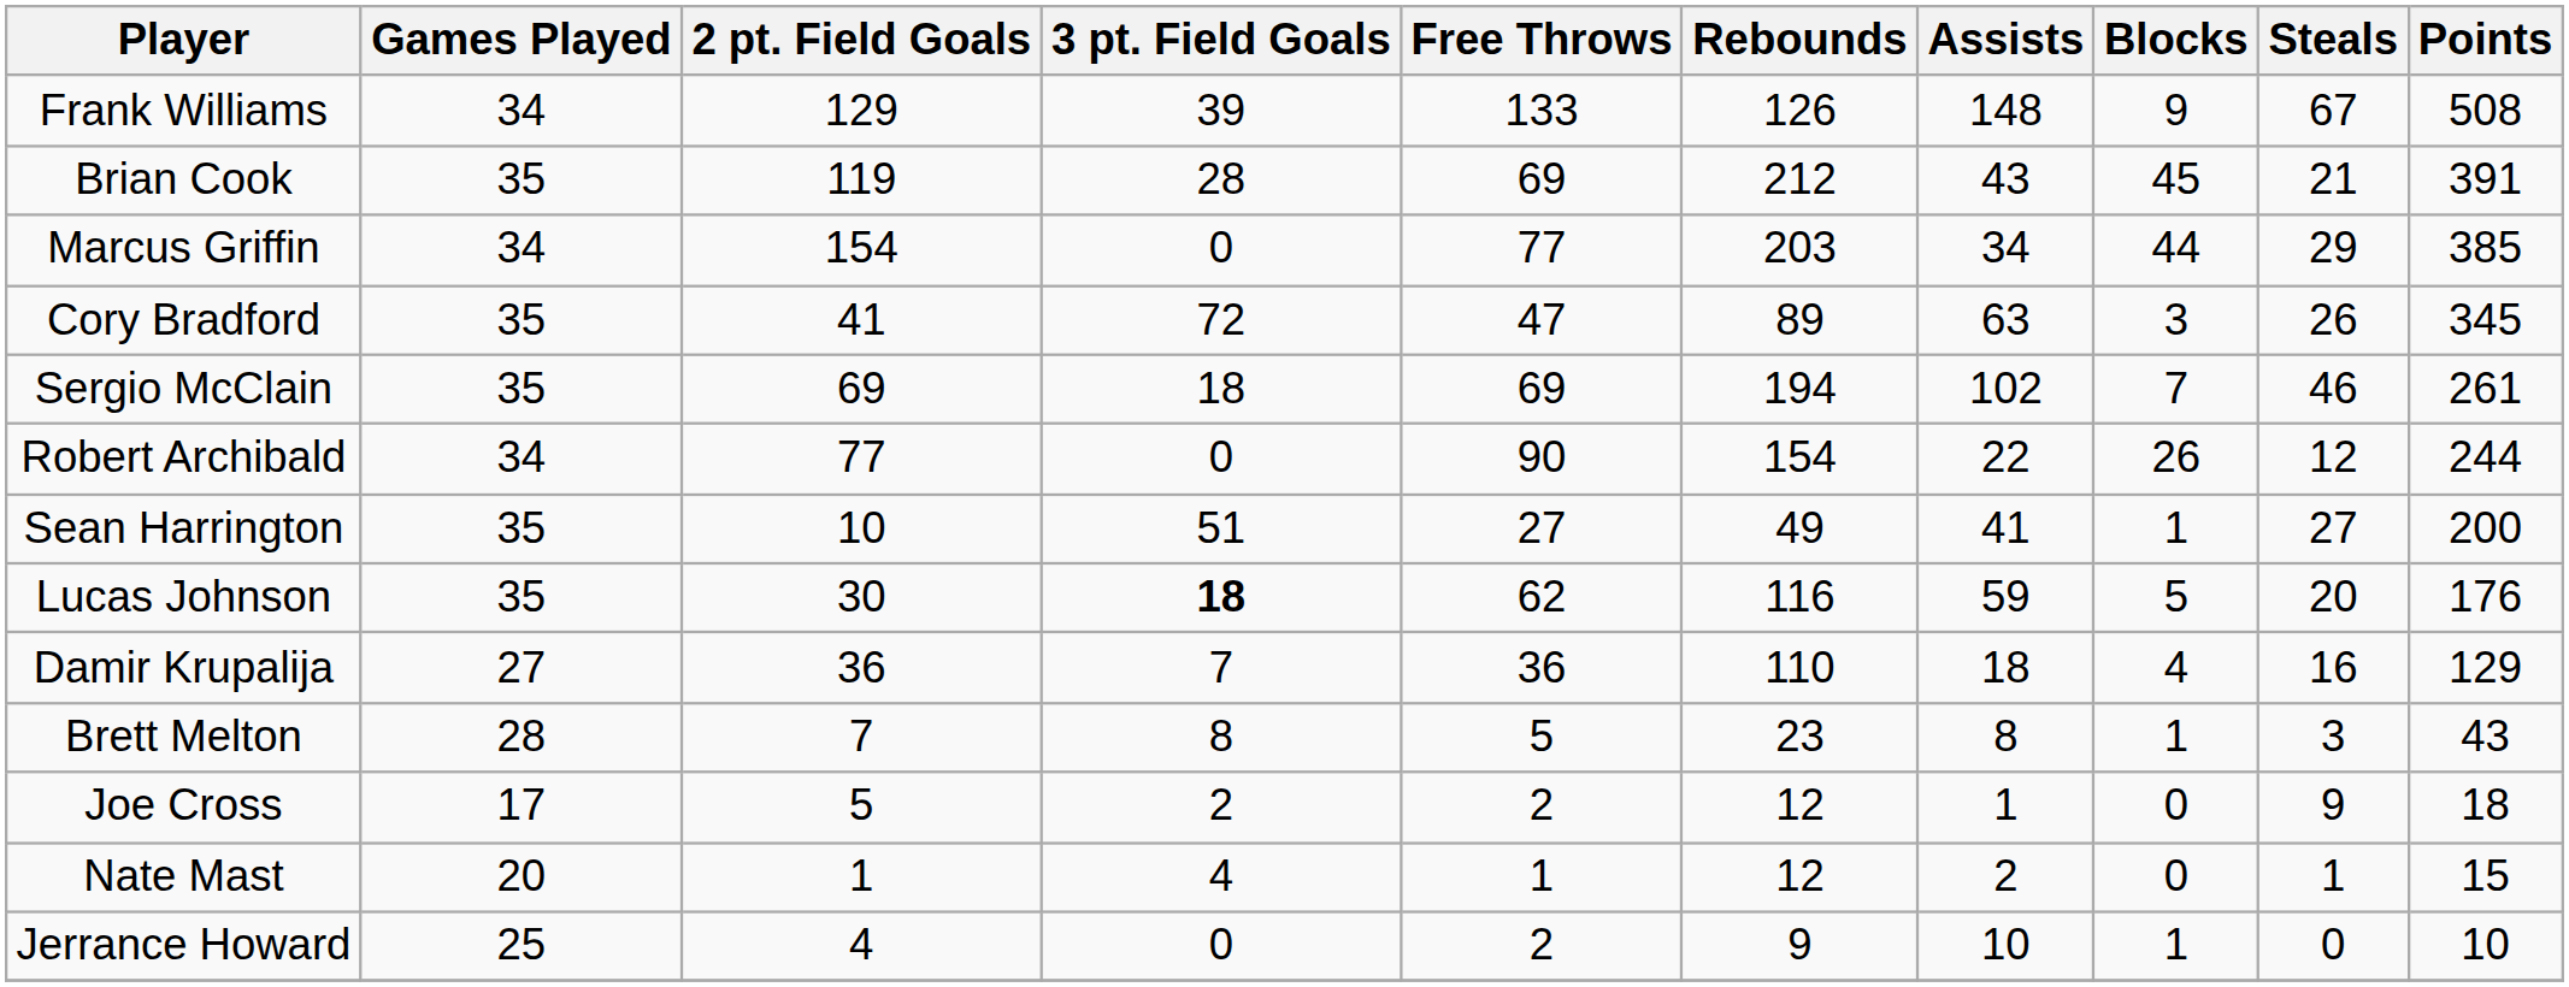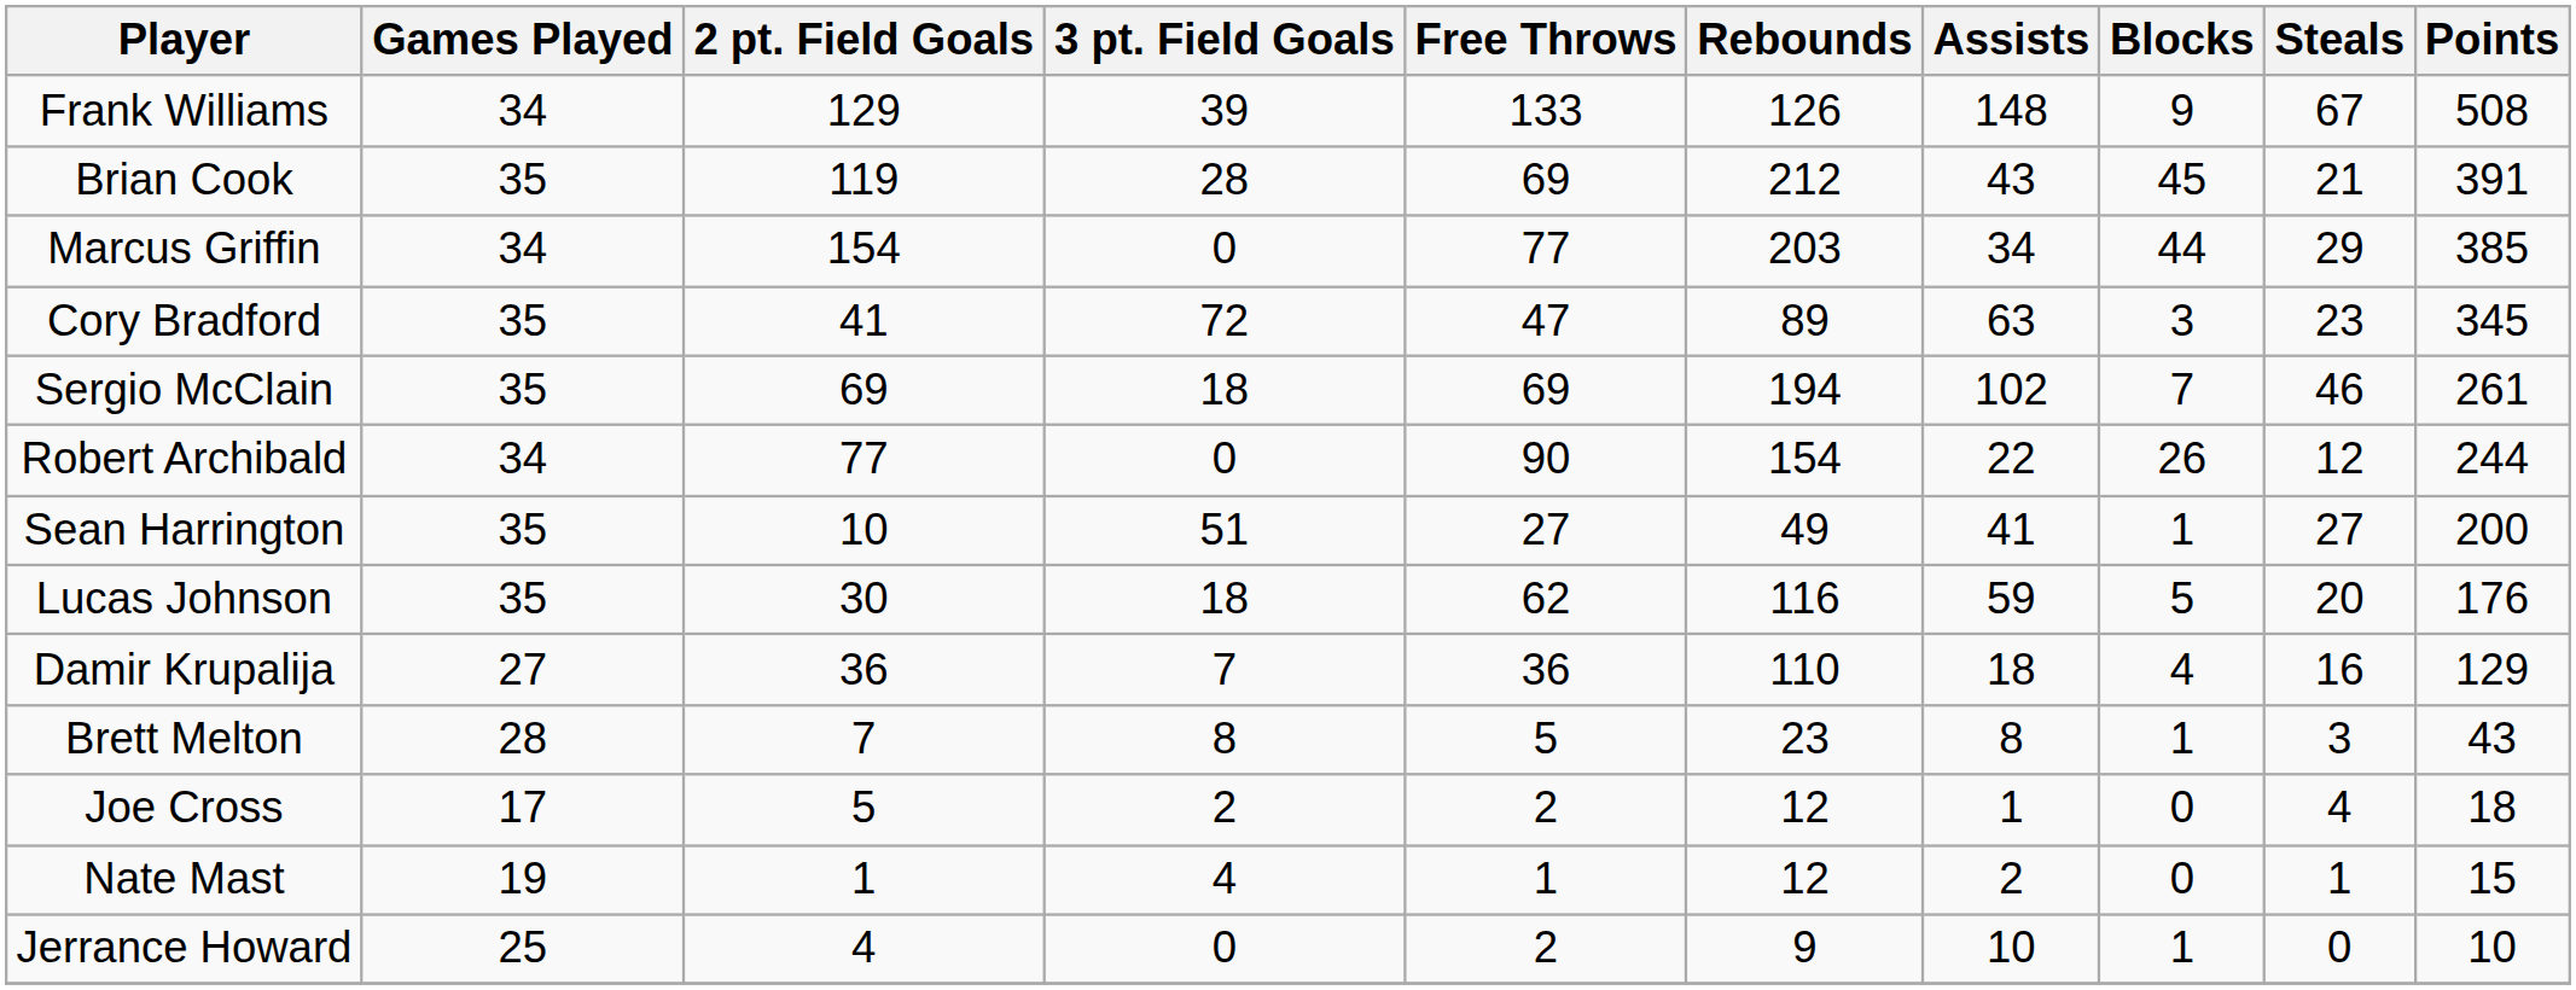 <table class="wikitable sortable" style="text-align:center">
 <tr>
 <th>Player</th>
 <th>Games Played</th>
 <th>2 pt. Field Goals</th>
 <th>3 pt. Field Goals</th>
 <th>Free Throws</th>
 <th>Rebounds</th>
 <th>Assists</th>
 <th>Blocks</th>
 <th>Steals</th>
 <th>Points</th>
 </tr>
 <tr align="center" bgcolor="">
 <td>Frank Williams</td>
 <td>34</td>
 <td>129</td>
 <td>39</td>
 <td>133</td>
 <td>126</td>
 <td>148</td>
 <td>9</td>
 <td>67</td>
 <td>508</td>
 </tr>
 <tr align="center" bgcolor="">
 <td>Brian Cook</td>
 <td>35</td>
 <td>119</td>
 <td>28</td>
 <td>69</td>
 <td>212</td>
 <td>43</td>
 <td>45</td>
 <td>21</td>
 <td>391</td>
 </tr>
 <tr align="center" bgcolor="">
 <td>Marcus Griffin</td>
 <td>34</td>
 <td>154</td>
 <td>0</td>
 <td>77</td>
 <td>203</td>
 <td>34</td>
 <td>44</td>
 <td>29</td>
 <td>385</td>
 </tr>
 <tr align="center" bgcolor="">
 <td>Cory Bradford</td>
 <td>35</td>
 <td>41</td>
 <td>72</td>
 <td>47</td>
 <td>89</td>
 <td>63</td>
 <td>3</td>
-<td>26</td>
+<td>23</td>
 <td>345</td>
 </tr>
 <tr align="center" bgcolor="">
 <td>Sergio McClain</td>
 <td>35</td>
 <td>69</td>
 <td>18</td>
 <td>69</td>
 <td>194</td>
 <td>102</td>
 <td>7</td>
 <td>46</td>
 <td>261</td>
 </tr>
 <tr align="center" bgcolor="">
 <td>Robert Archibald</td>
 <td>34</td>
 <td>77</td>
 <td>0</td>
 <td>90</td>
 <td>154</td>
 <td>22</td>
 <td>26</td>
 <td>12</td>
 <td>244</td>
 </tr>
 <tr align="center" bgcolor="">
 <td>Sean Harrington</td>
 <td>35</td>
 <td>10</td>
 <td>51</td>
 <td>27</td>
 <td>49</td>
 <td>41</td>
 <td>1</td>
 <td>27</td>
 <td>200</td>
 </tr>
 <tr align="center" bgcolor="">
 <td>Lucas Johnson</td>
 <td>35</td>
 <td>30</td>
-<td><strong>18</strong></td>
+<td>18</td>
 <td>62</td>
 <td>116</td>
 <td>59</td>
 <td>5</td>
 <td>20</td>
 <td>176</td>
 </tr>
 <tr align="center" bgcolor="">
 <td>Damir Krupalija</td>
 <td>27</td>
 <td>36</td>
 <td>7</td>
 <td>36</td>
 <td>110</td>
 <td>18</td>
 <td>4</td>
 <td>16</td>
 <td>129</td>
 </tr>
 <tr align="center" bgcolor="">
 <td>Brett Melton</td>
 <td>28</td>
 <td>7</td>
 <td>8</td>
 <td>5</td>
 <td>23</td>
 <td>8</td>
 <td>1</td>
 <td>3</td>
 <td>43</td>
 </tr>
 <tr align="center" bgcolor="">
 <td>Joe Cross</td>
 <td>17</td>
 <td>5</td>
 <td>2</td>
 <td>2</td>
 <td>12</td>
 <td>1</td>
 <td>0</td>
-<td>9</td>
+<td>4</td>
 <td>18</td>
 </tr>
 <tr align="center" bgcolor="">
 <td>Nate Mast</td>
-<td>20</td>
+<td>19</td>
 <td>1</td>
 <td>4</td>
 <td>1</td>
 <td>12</td>
 <td>2</td>
 <td>0</td>
 <td>1</td>
 <td>15</td>
 </tr>
 <tr align="center" bgcolor="">
 <td>Jerrance Howard</td>
 <td>25</td>
 <td>4</td>
 <td>0</td>
 <td>2</td>
 <td>9</td>
 <td>10</td>
 <td>1</td>
 <td>0</td>
 <td>10</td>
 </tr>
 <tr align="center" bgcolor="">
 </tr>
 </table>
